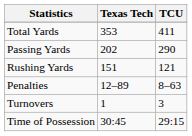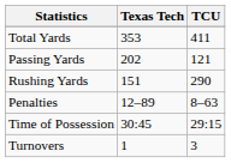 <table class="wikitable">
 <tr>
 <th>Statistics</th>
 <th>Texas Tech</th>
 <th>TCU</th>
 </tr>
 <tr>
 </tr>
 <tr>
 <td>Total Yards</td>
 <td>353</td>
 <td>411</td>
 </tr>
 <tr>
 <td>Passing Yards</td>
 <td>202</td>
-<td>290</td>
+<td>121</td>
 </tr>
 <tr>
 <td>Rushing Yards</td>
 <td>151</td>
-<td>121</td>
+<td>290</td>
 </tr>
 <tr>
 <td>Penalties</td>
 <td>12–89</td>
 <td>8–63</td>
 </tr>
 <tr>
+<td>Time of Possession</td>
+<td>30:45</td>
+<td>29:15</td>
+</tr>
+<tr>
 <td>Turnovers</td>
 <td>1</td>
 <td>3</td>
 </tr>
-<tr>
-<td>Time of Possession</td>
-<td>30:45</td>
-<td>29:15</td>
-</tr>
 </table>
